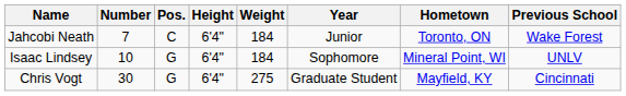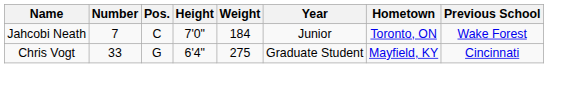 <table class="wikitable sortable" style="text-align: center">
 <tr align=center>
 <th>Name</th>
 <th>Number</th>
 <th>Pos.</th>
 <th>Height</th>
 <th>Weight</th>
 <th>Year</th>
 <th>Hometown</th>
 <th>Previous School</th>
 </tr>
 <tr>
 <td>Jahcobi Neath</td>
 <td>7</td>
 <td>C</td>
-<td>6'4"</td>
+<td>7'0"</td>
 <td>184</td>
 <td>Junior</td>
 <td><a href='#'>Toronto, ON</a></td>
 <td><a href='#'>Wake Forest</a></td>
 </tr>
 <tr>
-<td>Isaac Lindsey</td>
-<td>10</td>
-<td>G</td>
-<td>6'4"</td>
-<td>184</td>
-<td>Sophomore</td>
-<td><a href='#'>Mineral Point, WI</a></td>
-<td><a href='#'>UNLV</a></td>
-</tr>
-<tr>
 <td>Chris Vogt</td>
-<td>30</td>
+<td>33</td>
 <td>G</td>
 <td>6'4"</td>
 <td>275</td>
 <td>Graduate Student</td>
 <td><a href='#'>Mayfield, KY</a></td>
 <td><a href='#'>Cincinnati</a></td>
 </tr>
 </table>
